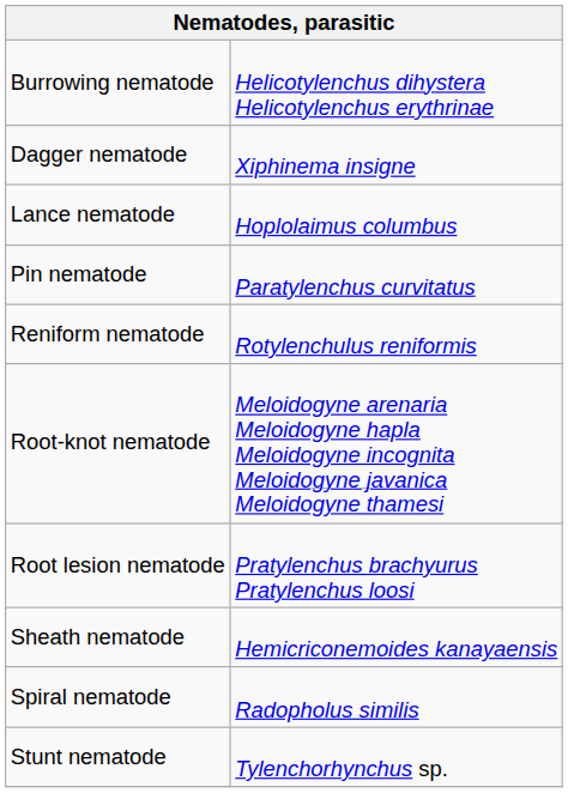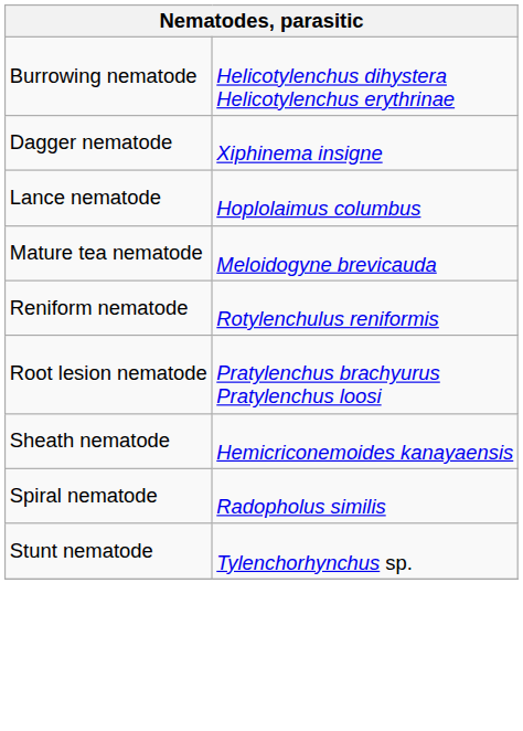 <table class="wikitable" style="clear">
 <tr>
 <th colspan=2><strong>Nematodes, parasitic</strong><br></th>
 </tr>
 <tr>
 <td>Burrowing nematode</td>
 <td><br><em><a href='#'>Helicotylenchus dihystera</a></em><br> <em><a href='#'>Helicotylenchus erythrinae</a></em></td>
 </tr>
 <tr>
 <td>Dagger nematode</td>
 <td><br><em><a href='#'>Xiphinema insigne</a></em></td>
 </tr>
 <tr>
 <td>Lance nematode</td>
 <td><br><em><a href='#'>Hoplolaimus columbus</a></em></td>
 </tr>
 <tr>
-<td>Pin nematode</td>
-<td><br><em><a href='#'>Paratylenchus curvitatus</a></em></td>
+<td>Mature tea nematode</td>
+<td><br><em><a href='#'>Meloidogyne brevicauda</a></em></td>
 </tr>
 <tr>
 <td>Reniform nematode</td>
 <td><br><em><a href='#'>Rotylenchulus reniformis</a></em></td>
-</tr>
-<tr>
-<td>Root-knot nematode</td>
-<td><br><em><a href='#'>Meloidogyne arenaria</a></em><br> <em><a href='#'>Meloidogyne hapla</a></em><br> <em><a href='#'>Meloidogyne incognita</a></em><br> <em><a href='#'>Meloidogyne javanica</a></em><br> <em><a href='#'>Meloidogyne thamesi</a></em></td>
 </tr>
 <tr>
 <td>Root lesion nematode</td>
 <td><br><em><a href='#'>Pratylenchus brachyurus</a></em><br>  <em><a href='#'>Pratylenchus loosi</a></em></td>
 </tr>
 <tr>
 <td>Sheath nematode</td>
 <td><br><em><a href='#'>Hemicriconemoides kanayaensis</a></em></td>
 </tr>
 <tr>
 <td>Spiral nematode</td>
 <td><br><em><a href='#'>Radopholus similis</a></em></td>
 </tr>
 <tr>
 <td>Stunt nematode</td>
 <td><br><em><a href='#'>Tylenchorhynchus</a></em> sp.</td>
 </tr>
 <tr>
 </tr>
 </table>
